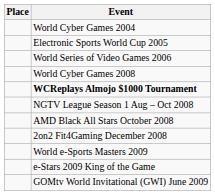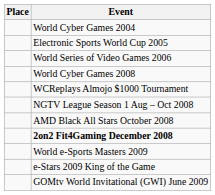 <table class= "wikitable sortable">
 <tr>
 <th>Place</th>
 <th>Event</th>
 </tr>
 <tr>
 <td></td>
 <td>World Cyber Games 2004</td>
 </tr>
 <tr>
 <td></td>
 <td>Electronic Sports World Cup 2005</td>
 </tr>
 <tr>
 <td></td>
 <td>World Series of Video Games 2006</td>
 </tr>
 <tr>
 <td></td>
 <td>World Cyber Games 2008</td>
 </tr>
 <tr>
 <td></td>
-<td><strong>WCReplays Almojo $1000 Tournament</strong></td>
+<td>WCReplays Almojo $1000 Tournament</td>
 </tr>
 <tr>
 <td></td>
 <td>NGTV League Season 1 Aug – Oct 2008</td>
 </tr>
 <tr>
 <td></td>
 <td>AMD Black All Stars October 2008</td>
 </tr>
 <tr>
 <td></td>
-<td>2on2 Fit4Gaming December 2008</td>
+<td><strong>2on2 Fit4Gaming December 2008</strong></td>
 </tr>
 <tr>
 <td></td>
 <td>World e-Sports Masters 2009</td>
 </tr>
 <tr>
 <td></td>
 <td>e-Stars 2009 King of the Game</td>
 </tr>
 <tr>
 <td></td>
 <td>GOMtv World Invitational (GWI) June 2009</td>
 </tr>
 </table>
